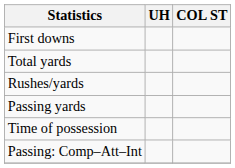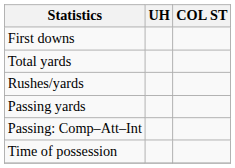 <table class="wikitable" style="float: left;">
 <tr>
 <th>Statistics</th>
 <th>UH</th>
 <th>COL ST</th>
 </tr>
 <tr>
 <td>First downs</td>
 <td></td>
 <td></td>
 </tr>
 <tr>
 <td>Total yards</td>
 <td></td>
 <td></td>
 </tr>
 <tr>
 <td>Rushes/yards</td>
 <td></td>
 <td></td>
 </tr>
 <tr>
 <td>Passing yards</td>
 <td></td>
 <td></td>
 </tr>
 <tr>
-<td>Time of possession</td>
+<td>Passing: Comp–Att–Int</td>
 <td></td>
 <td></td>
 </tr>
 <tr>
-<td>Passing: Comp–Att–Int</td>
+<td>Time of possession</td>
 <td></td>
 <td></td>
 </tr>
 <tr>
 </tr>
 </table>
